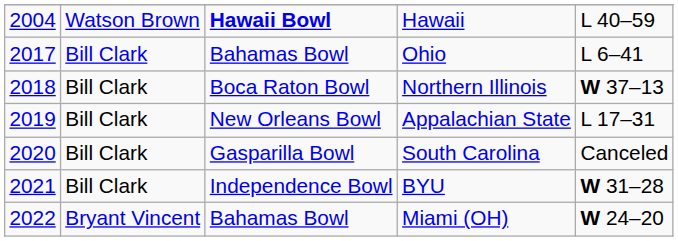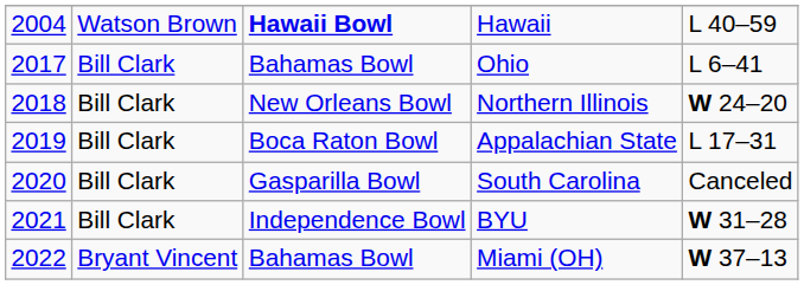 <table class="wikitable">
 <tr>
 </tr>
 <tr>
 <td><a href='#'>2004</a></td>
 <td><a href='#'>Watson Brown</a></td>
 <td><strong><a href='#'>Hawaii Bowl</a></strong></td>
 <td><a href='#'>Hawaii</a></td>
 <td>L 40–59</td>
 </tr>
 <tr>
 <td><a href='#'>2017</a></td>
 <td><a href='#'>Bill Clark</a></td>
 <td><a href='#'>Bahamas Bowl</a></td>
 <td><a href='#'>Ohio</a></td>
 <td>L 6–41</td>
 </tr>
 <tr>
 <td><a href='#'>2018</a></td>
 <td>Bill Clark</td>
-<td><a href='#'>Boca Raton Bowl</a></td>
+<td><a href='#'>New Orleans Bowl</a></td>
 <td><a href='#'>Northern Illinois</a></td>
-<td><strong>W</strong> 37–13</td>
+<td><strong>W</strong> 24–20</td>
 </tr>
 <tr>
 <td><a href='#'>2019</a></td>
 <td>Bill Clark</td>
-<td><a href='#'>New Orleans Bowl</a></td>
+<td><a href='#'>Boca Raton Bowl</a></td>
 <td><a href='#'>Appalachian State</a></td>
 <td>L 17–31</td>
 </tr>
 <tr>
 <td><a href='#'>2020</a></td>
 <td>Bill Clark</td>
 <td><a href='#'>Gasparilla Bowl</a></td>
 <td><a href='#'>South Carolina</a></td>
 <td>Canceled</td>
 </tr>
 <tr>
 <td><a href='#'>2021</a></td>
 <td>Bill Clark</td>
 <td><a href='#'>Independence Bowl</a></td>
 <td><a href='#'>BYU</a></td>
 <td><strong>W</strong> 31–28</td>
 </tr>
 <tr>
 <td><a href='#'>2022</a></td>
 <td><a href='#'>Bryant Vincent</a></td>
 <td><a href='#'>Bahamas Bowl</a></td>
 <td><a href='#'>Miami (OH)</a></td>
-<td><strong>W</strong> 24–20</td>
+<td><strong>W</strong> 37–13</td>
 </tr>
 </table>
